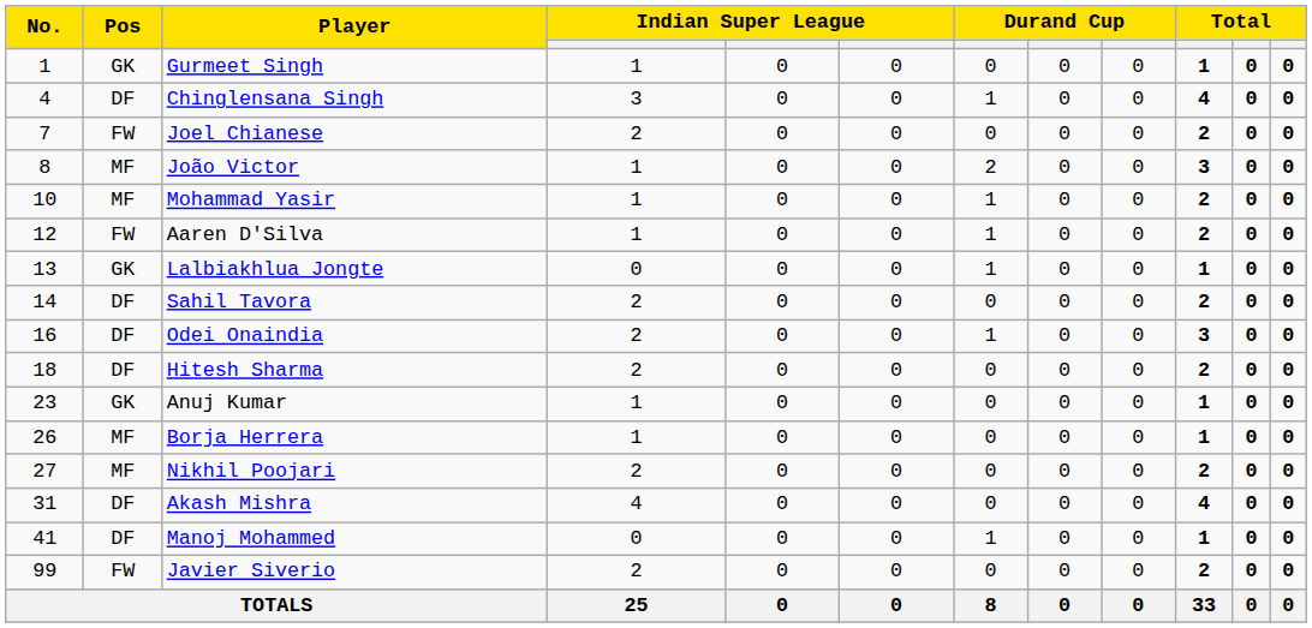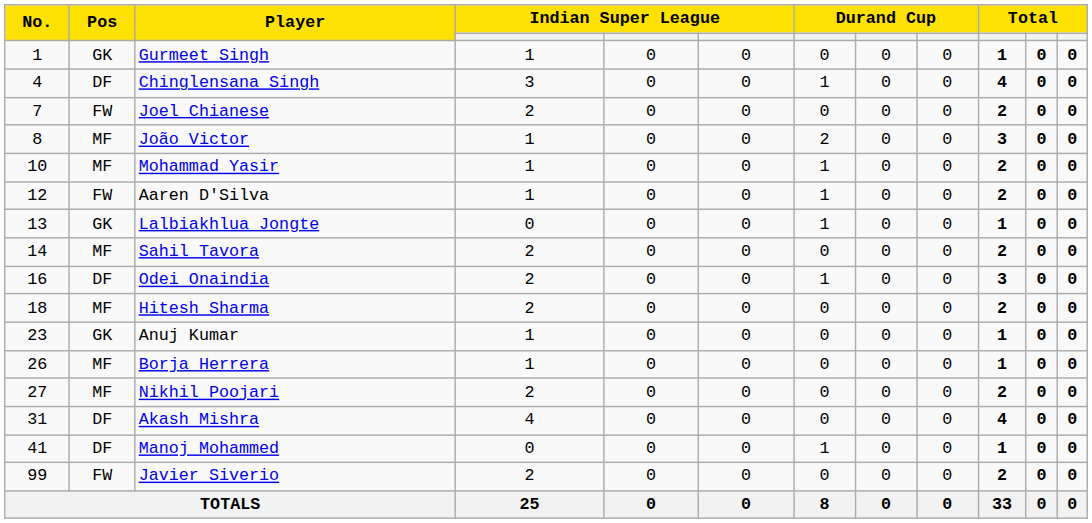 <table class="wikitable" style="font-size: 100%; text-align: center; font-size:90%; width:60%;">
 <tr>
 <th rowspan="2" style="background:#FDE100; color:#000000;">No.</th>
 <th rowspan="2" style="background:#FDE100; color:#000000;">Pos</th>
 <th rowspan="2" style="background:#FDE100; color:#000000;">Player</th>
 <th colspan="3" style="background:#FDE100; color:#000000;">Indian Super League</th>
 <th colspan="3" style="background:#FDE100; color:#000000;">Durand Cup</th>
 <th colspan="3" style="background:#FDE100; color:#000000;">Total</th>
 </tr>
 <tr>
 <th></th>
 <th></th>
 <th></th>
 <th></th>
 <th></th>
 <th></th>
 <th></th>
 <th></th>
 <th></th>
 </tr>
 <tr>
 <td>1</td>
 <td>GK</td>
 <td align=left> <a href='#'>Gurmeet Singh</a></td>
 <td>1</td>
 <td>0</td>
 <td>0</td>
 <td>0</td>
 <td>0</td>
 <td>0</td>
 <td><strong>1</strong></td>
 <td><strong>0</strong></td>
 <td><strong>0</strong></td>
 </tr>
 <tr>
 <td>4</td>
 <td>DF</td>
 <td align=left> <a href='#'>Chinglensana Singh</a></td>
 <td>3</td>
 <td>0</td>
 <td>0</td>
 <td>1</td>
 <td>0</td>
 <td>0</td>
 <td><strong>4</strong></td>
 <td><strong>0</strong></td>
 <td><strong>0</strong></td>
 </tr>
 <tr>
 <td>7</td>
 <td>FW</td>
 <td align=left> <a href='#'>Joel Chianese</a></td>
 <td>2</td>
 <td>0</td>
 <td>0</td>
 <td>0</td>
 <td>0</td>
 <td>0</td>
 <td><strong>2</strong></td>
 <td><strong>0</strong></td>
 <td><strong>0</strong></td>
 </tr>
 <tr>
 <td>8</td>
 <td>MF</td>
 <td align=left> <a href='#'>João Victor</a></td>
 <td>1</td>
 <td>0</td>
 <td>0</td>
 <td>2</td>
 <td>0</td>
 <td>0</td>
 <td><strong>3</strong></td>
 <td><strong>0</strong></td>
 <td><strong>0</strong></td>
 </tr>
 <tr>
 <td>10</td>
 <td>MF</td>
 <td align=left> <a href='#'>Mohammad Yasir</a></td>
 <td>1</td>
 <td>0</td>
 <td>0</td>
 <td>1</td>
 <td>0</td>
 <td>0</td>
 <td><strong>2</strong></td>
 <td><strong>0</strong></td>
 <td><strong>0</strong></td>
 </tr>
 <tr>
 <td>12</td>
 <td>FW</td>
 <td align=left> Aaren D'Silva</td>
 <td>1</td>
 <td>0</td>
 <td>0</td>
 <td>1</td>
 <td>0</td>
 <td>0</td>
 <td><strong>2</strong></td>
 <td><strong>0</strong></td>
 <td><strong>0</strong></td>
 </tr>
 <tr>
 <td>13</td>
 <td>GK</td>
 <td align=left> <a href='#'>Lalbiakhlua Jongte</a></td>
 <td>0</td>
 <td>0</td>
 <td>0</td>
 <td>1</td>
 <td>0</td>
 <td>0</td>
 <td><strong>1</strong></td>
 <td><strong>0</strong></td>
 <td><strong>0</strong></td>
 </tr>
 <tr>
 <td>14</td>
-<td>DF</td>
+<td>MF</td>
 <td align=left> <a href='#'>Sahil Tavora</a></td>
 <td>2</td>
 <td>0</td>
 <td>0</td>
 <td>0</td>
 <td>0</td>
 <td>0</td>
 <td><strong>2</strong></td>
 <td><strong>0</strong></td>
 <td><strong>0</strong></td>
 </tr>
 <tr>
 <td>16</td>
 <td>DF</td>
 <td align=left> <a href='#'>Odei Onaindia</a></td>
 <td>2</td>
 <td>0</td>
 <td>0</td>
 <td>1</td>
 <td>0</td>
 <td>0</td>
 <td><strong>3</strong></td>
 <td><strong>0</strong></td>
 <td><strong>0</strong></td>
 </tr>
 <tr>
 <td>18</td>
-<td>DF</td>
+<td>MF</td>
 <td align=left> <a href='#'>Hitesh Sharma</a></td>
 <td>2</td>
 <td>0</td>
 <td>0</td>
 <td>0</td>
 <td>0</td>
 <td>0</td>
 <td><strong>2</strong></td>
 <td><strong>0</strong></td>
 <td><strong>0</strong></td>
 </tr>
 <tr>
 <td>23</td>
 <td>GK</td>
 <td align=left> Anuj Kumar</td>
 <td>1</td>
 <td>0</td>
 <td>0</td>
 <td>0</td>
 <td>0</td>
 <td>0</td>
 <td><strong>1</strong></td>
 <td><strong>0</strong></td>
 <td><strong>0</strong></td>
 </tr>
 <tr>
 <td>26</td>
 <td>MF</td>
 <td align=left> <a href='#'>Borja Herrera</a></td>
 <td>1</td>
 <td>0</td>
 <td>0</td>
 <td>0</td>
 <td>0</td>
 <td>0</td>
 <td><strong>1</strong></td>
 <td><strong>0</strong></td>
 <td><strong>0</strong></td>
 </tr>
 <tr>
 <td>27</td>
 <td>MF</td>
 <td align=left> <a href='#'>Nikhil Poojari</a></td>
 <td>2</td>
 <td>0</td>
 <td>0</td>
 <td>0</td>
 <td>0</td>
 <td>0</td>
 <td><strong>2</strong></td>
 <td><strong>0</strong></td>
 <td><strong>0</strong></td>
 </tr>
 <tr>
 <td>31</td>
 <td>DF</td>
 <td align=left> <a href='#'>Akash Mishra</a></td>
 <td>4</td>
 <td>0</td>
 <td>0</td>
 <td>0</td>
 <td>0</td>
 <td>0</td>
 <td><strong>4</strong></td>
 <td><strong>0</strong></td>
 <td><strong>0</strong></td>
 </tr>
 <tr>
 <td>41</td>
 <td>DF</td>
 <td align=left> <a href='#'>Manoj Mohammed</a></td>
 <td>0</td>
 <td>0</td>
 <td>0</td>
 <td>1</td>
 <td>0</td>
 <td>0</td>
 <td><strong>1</strong></td>
 <td><strong>0</strong></td>
 <td><strong>0</strong></td>
 </tr>
 <tr>
 <td>99</td>
 <td>FW</td>
 <td align=left> <a href='#'>Javier Siverio</a></td>
 <td>2</td>
 <td>0</td>
 <td>0</td>
 <td>0</td>
 <td>0</td>
 <td>0</td>
 <td><strong>2</strong></td>
 <td><strong>0</strong></td>
 <td><strong>0</strong></td>
 </tr>
 <tr>
 <th colspan=3><strong>TOTALS</strong></th>
 <th><strong>25</strong></th>
 <th><strong>0</strong></th>
 <th><strong>0</strong></th>
 <th><strong>8</strong></th>
 <th><strong>0</strong></th>
 <th><strong>0</strong></th>
 <th><strong>33</strong></th>
 <th><strong>0</strong></th>
 <th><strong>0</strong></th>
 </tr>
 </table>
